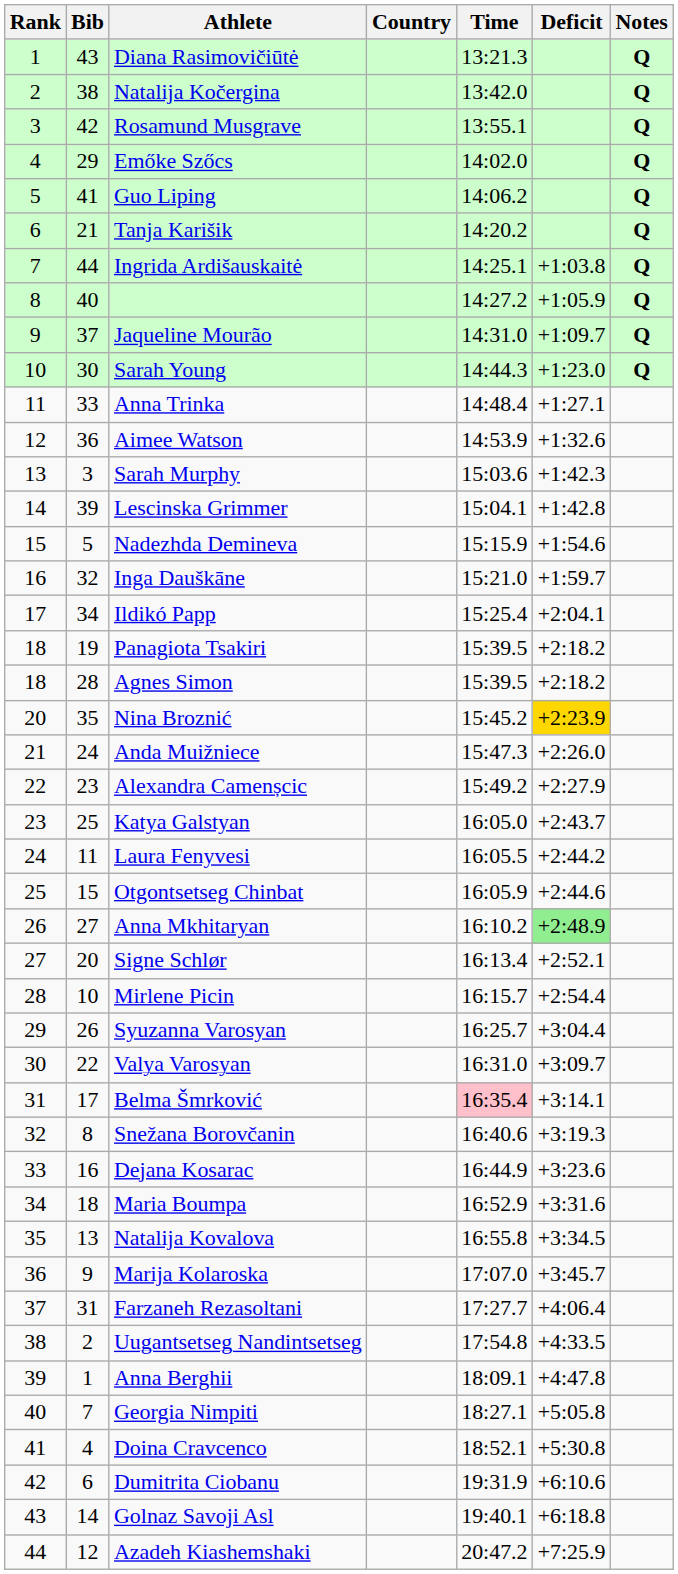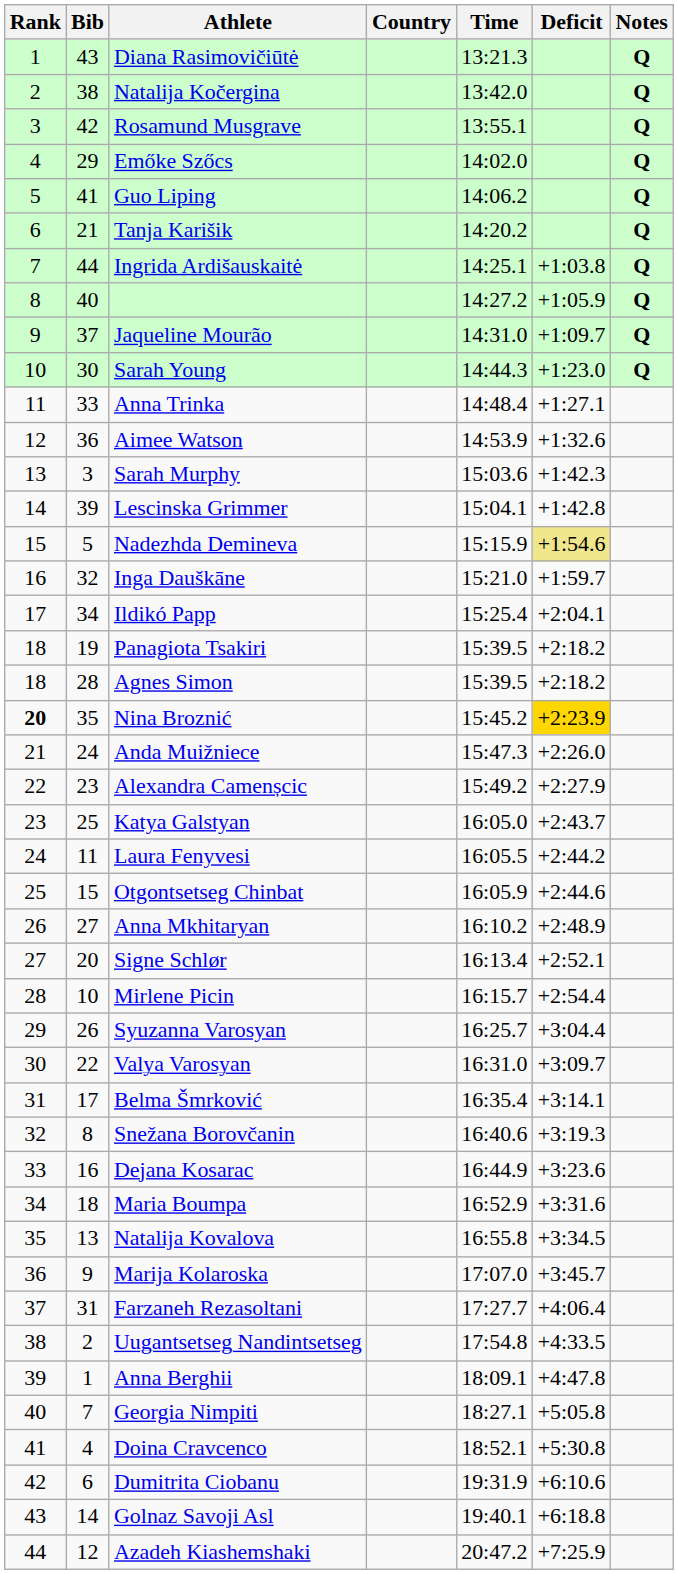 <table class="wikitable sortable" style="text-align:center">
 <tr>
 <th>Rank</th>
 <th>Bib</th>
 <th>Athlete</th>
 <th>Country</th>
 <th>Time</th>
 <th>Deficit</th>
 <th>Notes</th>
 </tr>
 <tr bgcolor=ccffcc>
 <td>1</td>
 <td>43</td>
 <td align=left><a href='#'>Diana Rasimovičiūtė</a></td>
 <td align=left></td>
 <td>13:21.3</td>
 <td></td>
 <td><strong>Q</strong></td>
 </tr>
 <tr bgcolor=ccffcc>
 <td>2</td>
 <td>38</td>
 <td align=left><a href='#'>Natalija Kočergina</a></td>
 <td align=left></td>
 <td>13:42.0</td>
 <td></td>
 <td><strong>Q</strong></td>
 </tr>
 <tr bgcolor=ccffcc>
 <td>3</td>
 <td>42</td>
 <td align=left><a href='#'>Rosamund Musgrave</a></td>
 <td align=left></td>
 <td>13:55.1</td>
 <td></td>
 <td><strong>Q</strong></td>
 </tr>
 <tr bgcolor=ccffcc>
 <td>4</td>
 <td>29</td>
 <td align=left><a href='#'>Emőke Szőcs</a></td>
 <td align=left></td>
 <td>14:02.0</td>
 <td></td>
 <td><strong>Q</strong></td>
 </tr>
 <tr bgcolor=ccffcc>
 <td>5</td>
 <td>41</td>
 <td align=left><a href='#'>Guo Liping</a></td>
 <td align=left></td>
 <td>14:06.2</td>
 <td></td>
 <td><strong>Q</strong></td>
 </tr>
 <tr bgcolor=ccffcc>
 <td>6</td>
 <td>21</td>
 <td align=left><a href='#'>Tanja Karišik</a></td>
 <td align=left></td>
 <td>14:20.2</td>
 <td></td>
 <td><strong>Q</strong></td>
 </tr>
 <tr bgcolor=ccffcc>
 <td>7</td>
 <td>44</td>
 <td align=left><a href='#'>Ingrida Ardišauskaitė</a></td>
 <td align=left></td>
 <td>14:25.1</td>
 <td>+1:03.8</td>
 <td><strong>Q</strong></td>
 </tr>
 <tr bgcolor=ccffcc>
 <td>8</td>
 <td>40</td>
 <td align=left></td>
 <td align=left></td>
 <td>14:27.2</td>
 <td>+1:05.9</td>
 <td><strong>Q</strong></td>
 </tr>
 <tr bgcolor=ccffcc>
 <td>9</td>
 <td>37</td>
 <td align=left><a href='#'>Jaqueline Mourão</a></td>
 <td align=left></td>
 <td>14:31.0</td>
 <td>+1:09.7</td>
 <td><strong>Q</strong></td>
 </tr>
 <tr bgcolor=ccffcc>
 <td>10</td>
 <td>30</td>
 <td align=left><a href='#'>Sarah Young</a></td>
 <td align=left></td>
 <td>14:44.3</td>
 <td>+1:23.0</td>
 <td><strong>Q</strong></td>
 </tr>
 <tr>
 <td>11</td>
 <td>33</td>
 <td align=left><a href='#'>Anna Trinka</a></td>
 <td align=left></td>
 <td>14:48.4</td>
 <td>+1:27.1</td>
 <td></td>
 </tr>
 <tr>
 <td>12</td>
 <td>36</td>
 <td align=left><a href='#'>Aimee Watson</a></td>
 <td align=left></td>
 <td>14:53.9</td>
 <td>+1:32.6</td>
 <td></td>
 </tr>
 <tr>
 <td>13</td>
 <td>3</td>
 <td align=left><a href='#'>Sarah Murphy</a></td>
 <td align=left></td>
 <td>15:03.6</td>
 <td>+1:42.3</td>
 <td></td>
 </tr>
 <tr>
 <td>14</td>
 <td>39</td>
 <td align=left><a href='#'>Lescinska Grimmer</a></td>
 <td align=left></td>
 <td>15:04.1</td>
 <td>+1:42.8</td>
 <td></td>
 </tr>
 <tr>
 <td>15</td>
 <td>5</td>
 <td align=left><a href='#'>Nadezhda Demineva</a></td>
 <td align=left></td>
 <td>15:15.9</td>
-<td>+1:54.6</td>
+<td style="background: khaki;">+1:54.6</td>
 <td></td>
 </tr>
 <tr>
 <td>16</td>
 <td>32</td>
 <td align=left><a href='#'>Inga Dauškāne</a></td>
 <td align=left></td>
 <td>15:21.0</td>
 <td>+1:59.7</td>
 <td></td>
 </tr>
 <tr>
 <td>17</td>
 <td>34</td>
 <td align=left><a href='#'>Ildikó Papp</a></td>
 <td align=left></td>
 <td>15:25.4</td>
 <td>+2:04.1</td>
 <td></td>
 </tr>
 <tr>
 <td>18</td>
 <td>19</td>
 <td align=left><a href='#'>Panagiota Tsakiri</a></td>
 <td align=left></td>
 <td>15:39.5</td>
 <td>+2:18.2</td>
 <td></td>
 </tr>
 <tr>
 <td>18</td>
 <td>28</td>
 <td align=left><a href='#'>Agnes Simon</a></td>
 <td align=left></td>
 <td>15:39.5</td>
 <td>+2:18.2</td>
 <td></td>
 </tr>
 <tr>
-<td>20</td>
+<td><strong>20</strong></td>
 <td>35</td>
 <td align=left><a href='#'>Nina Broznić</a></td>
 <td align=left></td>
 <td>15:45.2</td>
 <td style="background: gold;">+2:23.9</td>
 <td></td>
 </tr>
 <tr>
 <td>21</td>
 <td>24</td>
 <td align=left><a href='#'>Anda Muižniece</a></td>
 <td align=left></td>
 <td>15:47.3</td>
 <td>+2:26.0</td>
 <td></td>
 </tr>
 <tr>
 <td>22</td>
 <td>23</td>
 <td align=left><a href='#'>Alexandra Camenșcic</a></td>
 <td align=left></td>
 <td>15:49.2</td>
 <td>+2:27.9</td>
 <td></td>
 </tr>
 <tr>
 <td>23</td>
 <td>25</td>
 <td align=left><a href='#'>Katya Galstyan</a></td>
 <td align=left></td>
 <td>16:05.0</td>
 <td>+2:43.7</td>
 <td></td>
 </tr>
 <tr>
 <td>24</td>
 <td>11</td>
 <td align=left><a href='#'>Laura Fenyvesi</a></td>
 <td align=left></td>
 <td>16:05.5</td>
 <td>+2:44.2</td>
 <td></td>
 </tr>
 <tr>
 <td>25</td>
 <td>15</td>
 <td align=left><a href='#'>Otgontsetseg Chinbat</a></td>
 <td align=left></td>
 <td>16:05.9</td>
 <td>+2:44.6</td>
 <td></td>
 </tr>
 <tr>
 <td>26</td>
 <td>27</td>
 <td align=left><a href='#'>Anna Mkhitaryan</a></td>
 <td align=left></td>
 <td>16:10.2</td>
-<td style="background: lightgreen;">+2:48.9</td>
+<td>+2:48.9</td>
 <td></td>
 </tr>
 <tr>
 <td>27</td>
 <td>20</td>
 <td align=left><a href='#'>Signe Schlør</a></td>
 <td align=left></td>
 <td>16:13.4</td>
 <td>+2:52.1</td>
 <td></td>
 </tr>
 <tr>
 <td>28</td>
 <td>10</td>
 <td align=left><a href='#'>Mirlene Picin</a></td>
 <td align=left></td>
 <td>16:15.7</td>
 <td>+2:54.4</td>
 <td></td>
 </tr>
 <tr>
 <td>29</td>
 <td>26</td>
 <td align=left><a href='#'>Syuzanna Varosyan</a></td>
 <td align=left></td>
 <td>16:25.7</td>
 <td>+3:04.4</td>
 <td></td>
 </tr>
 <tr>
 <td>30</td>
 <td>22</td>
 <td align=left><a href='#'>Valya Varosyan</a></td>
 <td align=left></td>
 <td>16:31.0</td>
 <td>+3:09.7</td>
 <td></td>
 </tr>
 <tr>
 <td>31</td>
 <td>17</td>
 <td align=left><a href='#'>Belma Šmrković</a></td>
 <td align=left></td>
-<td style="background: pink;">16:35.4</td>
+<td>16:35.4</td>
 <td>+3:14.1</td>
 <td></td>
 </tr>
 <tr>
 <td>32</td>
 <td>8</td>
 <td align=left><a href='#'>Snežana Borovčanin</a></td>
 <td align=left></td>
 <td>16:40.6</td>
 <td>+3:19.3</td>
 <td></td>
 </tr>
 <tr>
 <td>33</td>
 <td>16</td>
 <td align=left><a href='#'>Dejana Kosarac</a></td>
 <td align=left></td>
 <td>16:44.9</td>
 <td>+3:23.6</td>
 <td></td>
 </tr>
 <tr>
 <td>34</td>
 <td>18</td>
 <td align=left><a href='#'>Maria Boumpa</a></td>
 <td align=left></td>
 <td>16:52.9</td>
 <td>+3:31.6</td>
 <td></td>
 </tr>
 <tr>
 <td>35</td>
 <td>13</td>
 <td align=left><a href='#'>Natalija Kovalova</a></td>
 <td align=left></td>
 <td>16:55.8</td>
 <td>+3:34.5</td>
 <td></td>
 </tr>
 <tr>
 <td>36</td>
 <td>9</td>
 <td align=left><a href='#'>Marija Kolaroska</a></td>
 <td align=left></td>
 <td>17:07.0</td>
 <td>+3:45.7</td>
 <td></td>
 </tr>
 <tr>
 <td>37</td>
 <td>31</td>
 <td align=left><a href='#'>Farzaneh Rezasoltani</a></td>
 <td align=left></td>
 <td>17:27.7</td>
 <td>+4:06.4</td>
 <td></td>
 </tr>
 <tr>
 <td>38</td>
 <td>2</td>
 <td align=left><a href='#'>Uugantsetseg Nandintsetseg</a></td>
 <td align=left></td>
 <td>17:54.8</td>
 <td>+4:33.5</td>
 <td></td>
 </tr>
 <tr>
 <td>39</td>
 <td>1</td>
 <td align=left><a href='#'>Anna Berghii</a></td>
 <td align=left></td>
 <td>18:09.1</td>
 <td>+4:47.8</td>
 <td></td>
 </tr>
 <tr>
 <td>40</td>
 <td>7</td>
 <td align=left><a href='#'>Georgia Nimpiti</a></td>
 <td align=left></td>
 <td>18:27.1</td>
 <td>+5:05.8</td>
 <td></td>
 </tr>
 <tr>
 <td>41</td>
 <td>4</td>
 <td align=left><a href='#'>Doina Cravcenco</a></td>
 <td align=left></td>
 <td>18:52.1</td>
 <td>+5:30.8</td>
 <td></td>
 </tr>
 <tr>
 <td>42</td>
 <td>6</td>
 <td align=left><a href='#'>Dumitrita Ciobanu</a></td>
 <td align=left></td>
 <td>19:31.9</td>
 <td>+6:10.6</td>
 <td></td>
 </tr>
 <tr>
 <td>43</td>
 <td>14</td>
 <td align=left><a href='#'>Golnaz Savoji Asl</a></td>
 <td align=left></td>
 <td>19:40.1</td>
 <td>+6:18.8</td>
 <td></td>
 </tr>
 <tr>
 <td>44</td>
 <td>12</td>
 <td align=left><a href='#'>Azadeh Kiashemshaki</a></td>
 <td align=left></td>
 <td>20:47.2</td>
 <td>+7:25.9</td>
 <td></td>
 </tr>
 </table>
